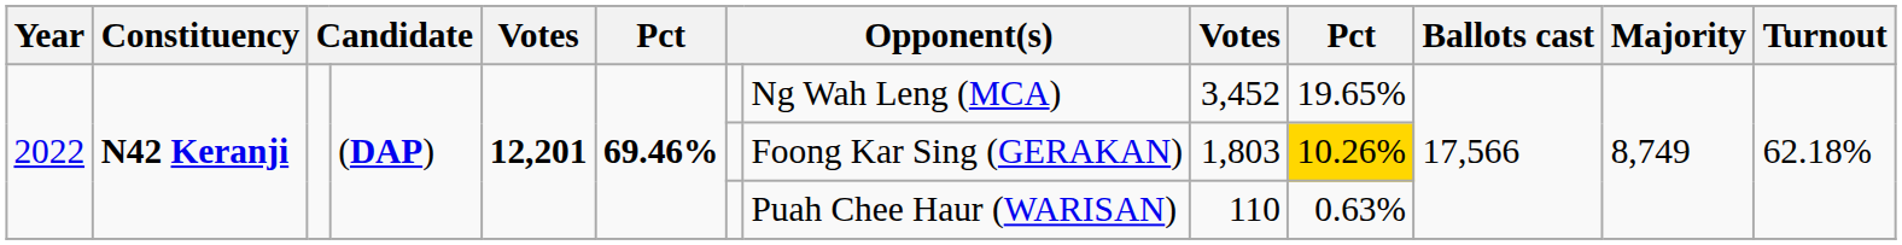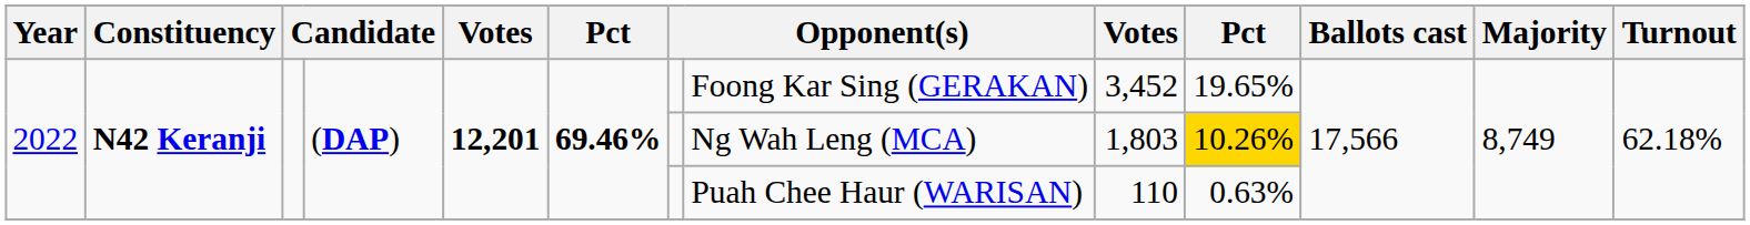 <table class="wikitable" style="margin:0.5em ; font-size:95%">
 <tr>
 <th>Year</th>
 <th>Constituency</th>
 <th colspan=2>Candidate</th>
 <th>Votes</th>
 <th>Pct</th>
 <th colspan=2>Opponent(s)</th>
 <th>Votes</th>
 <th>Pct</th>
 <th>Ballots cast</th>
 <th>Majority</th>
 <th>Turnout</th>
 </tr>
 <tr>
 <td rowspan=3><a href='#'>2022</a></td>
 <td rowspan=3><strong>N42 <a href='#'>Keranji</a></strong></td>
 <td rowspan=3 ></td>
 <td rowspan=3> (<a href='#'><strong>DAP</strong></a>)</td>
 <td rowspan=3 align=right><strong>12,201</strong></td>
 <td rowspan=3><strong>69.46%</strong></td>
 <td></td>
-<td>Ng Wah Leng (<a href='#'>MCA</a>)</td>
+<td>Foong Kar Sing (<a href='#'>GERAKAN</a>)</td>
 <td align=right>3,452</td>
 <td align=right>19.65%</td>
 <td rowspan=3>17,566</td>
 <td rowspan=3>8,749</td>
 <td rowspan=3>62.18%</td>
 </tr>
 <tr>
 <td></td>
-<td>Foong Kar Sing (<a href='#'>GERAKAN</a>)</td>
+<td>Ng Wah Leng (<a href='#'>MCA</a>)</td>
 <td align=right>1,803</td>
 <td align=right style="background: gold;">10.26%</td>
 </tr>
 <tr>
 <td></td>
 <td>Puah Chee Haur (<a href='#'>WARISAN</a>)</td>
 <td align=right>110</td>
 <td align=right>0.63%</td>
 </tr>
 </table>
